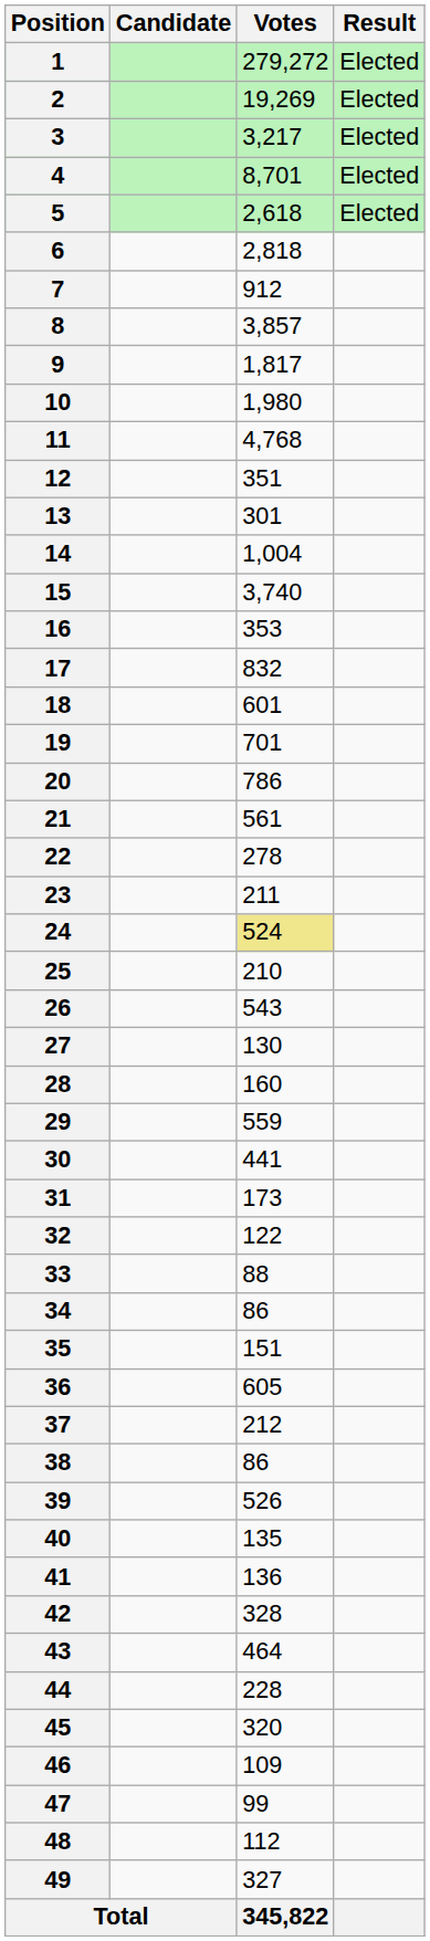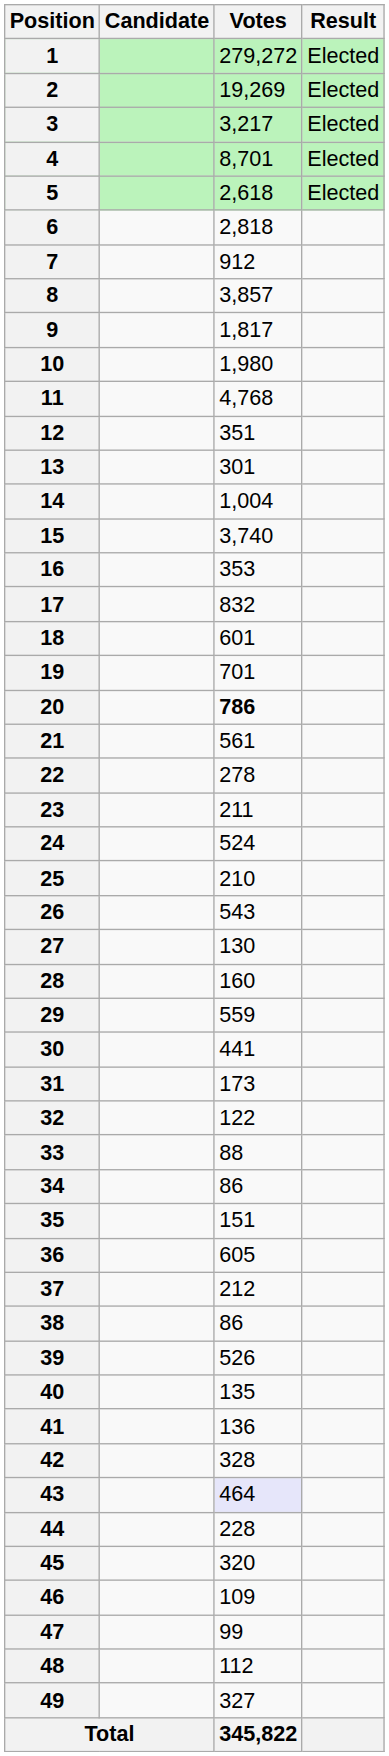 <table class="wikitable sortable col3right">
 <tr>
 <th scope="col">Position</th>
 <th scope="col">Candidate</th>
 <th scope="col">Votes</th>
 <th scope="col">Result</th>
 </tr>
 <tr bgcolor=bbf3bb>
 <th scope="row">1</th>
 <td></td>
 <td>279,272</td>
 <td>Elected</td>
 </tr>
 <tr bgcolor=bbf3bb>
 <th scope="row">2</th>
 <td></td>
 <td>19,269</td>
 <td>Elected</td>
 </tr>
 <tr bgcolor=bbf3bb>
 <th scope="row">3</th>
 <td></td>
 <td>3,217</td>
 <td>Elected</td>
 </tr>
 <tr bgcolor=bbf3bb>
 <th scope="row">4</th>
 <td></td>
 <td>8,701</td>
 <td>Elected</td>
 </tr>
 <tr bgcolor=bbf3bb>
 <th scope="row">5</th>
 <td></td>
 <td>2,618</td>
 <td>Elected</td>
 </tr>
 <tr>
 <th scope="row">6</th>
 <td></td>
 <td>2,818</td>
 <td></td>
 </tr>
 <tr>
 <th scope="row">7</th>
 <td></td>
 <td>912</td>
 <td></td>
 </tr>
 <tr>
 <th scope="row">8</th>
 <td></td>
 <td>3,857</td>
 <td></td>
 </tr>
 <tr>
 <th scope="row">9</th>
 <td></td>
 <td>1,817</td>
 <td></td>
 </tr>
 <tr>
 <th scope="row">10</th>
 <td></td>
 <td>1,980</td>
 <td></td>
 </tr>
 <tr>
 <th scope="row">11</th>
 <td></td>
 <td>4,768</td>
 <td></td>
 </tr>
 <tr>
 <th scope="row">12</th>
 <td></td>
 <td>351</td>
 <td></td>
 </tr>
 <tr>
 <th scope="row">13</th>
 <td></td>
 <td>301</td>
 <td></td>
 </tr>
 <tr>
 <th scope="row">14</th>
 <td></td>
 <td>1,004</td>
 <td></td>
 </tr>
 <tr>
 <th scope="row">15</th>
 <td></td>
 <td>3,740</td>
 <td></td>
 </tr>
 <tr>
 <th scope="row">16</th>
 <td></td>
 <td>353</td>
 <td></td>
 </tr>
 <tr>
 <th scope="row">17</th>
 <td></td>
 <td>832</td>
 <td></td>
 </tr>
 <tr>
 <th scope="row">18</th>
 <td></td>
 <td>601</td>
 <td></td>
 </tr>
 <tr>
 <th scope="row">19</th>
 <td></td>
 <td>701</td>
 <td></td>
 </tr>
 <tr>
 <th scope="row">20</th>
 <td></td>
-<td>786</td>
+<td><strong>786</strong></td>
 <td></td>
 </tr>
 <tr>
 <th scope="row">21</th>
 <td></td>
 <td>561</td>
 <td></td>
 </tr>
 <tr>
 <th scope="row">22</th>
 <td></td>
 <td>278</td>
 <td></td>
 </tr>
 <tr>
 <th scope="row">23</th>
 <td></td>
 <td>211</td>
 <td></td>
 </tr>
 <tr>
 <th scope="row">24</th>
 <td></td>
-<td style="background: khaki;">524</td>
+<td>524</td>
 <td></td>
 </tr>
 <tr>
 <th scope="row">25</th>
 <td></td>
 <td>210</td>
 <td></td>
 </tr>
 <tr>
 <th scope="row">26</th>
 <td></td>
 <td>543</td>
 <td></td>
 </tr>
 <tr>
 <th scope="row">27</th>
 <td></td>
 <td>130</td>
 <td></td>
 </tr>
 <tr>
 <th scope="row">28</th>
 <td></td>
 <td>160</td>
 <td></td>
 </tr>
 <tr>
 <th scope="row">29</th>
 <td></td>
 <td>559</td>
 <td></td>
 </tr>
 <tr>
 <th scope="row">30</th>
 <td></td>
 <td>441</td>
 <td></td>
 </tr>
 <tr>
 <th scope="row">31</th>
 <td></td>
 <td>173</td>
 <td></td>
 </tr>
 <tr>
 <th scope="row">32</th>
 <td></td>
 <td>122</td>
 <td></td>
 </tr>
 <tr>
 <th scope="row">33</th>
 <td></td>
 <td>88</td>
 <td></td>
 </tr>
 <tr>
 <th scope="row">34</th>
 <td></td>
 <td>86</td>
 <td></td>
 </tr>
 <tr>
 <th scope="row">35</th>
 <td></td>
 <td>151</td>
 <td></td>
 </tr>
 <tr>
 <th scope="row">36</th>
 <td></td>
 <td>605</td>
 <td></td>
 </tr>
 <tr>
 <th scope="row">37</th>
 <td></td>
 <td>212</td>
 <td></td>
 </tr>
 <tr>
 <th scope="row">38</th>
 <td></td>
 <td>86</td>
 <td></td>
 </tr>
 <tr>
 <th scope="row">39</th>
 <td></td>
 <td>526</td>
 <td></td>
 </tr>
 <tr>
 <th scope="row">40</th>
 <td></td>
 <td>135</td>
 <td></td>
 </tr>
 <tr>
 <th scope="row">41</th>
 <td></td>
 <td>136</td>
 <td></td>
 </tr>
 <tr>
 <th scope="row">42</th>
 <td></td>
 <td>328</td>
 <td></td>
 </tr>
 <tr>
 <th scope="row">43</th>
 <td></td>
-<td>464</td>
+<td style="background: lavender;">464</td>
 <td></td>
 </tr>
 <tr>
 <th scope="row">44</th>
 <td></td>
 <td>228</td>
 <td></td>
 </tr>
 <tr>
 <th scope="row">45</th>
 <td></td>
 <td>320</td>
 <td></td>
 </tr>
 <tr>
 <th scope="row">46</th>
 <td></td>
 <td>109</td>
 <td></td>
 </tr>
 <tr>
 <th scope="row">47</th>
 <td></td>
 <td>99</td>
 <td></td>
 </tr>
 <tr>
 <th scope="row">48</th>
 <td></td>
 <td>112</td>
 <td></td>
 </tr>
 <tr>
 <th scope="row">49</th>
 <td></td>
 <td>327</td>
 <td></td>
 </tr>
 <tr class=sortbottom>
 <th scope="row" colspan="2">Total</th>
 <th style="text-align:right">345,822</th>
 <th></th>
 </tr>
 </table>
